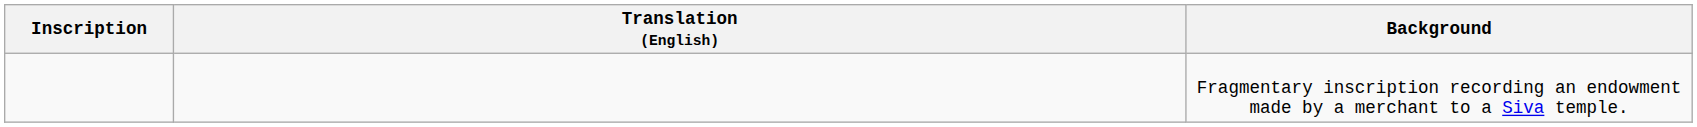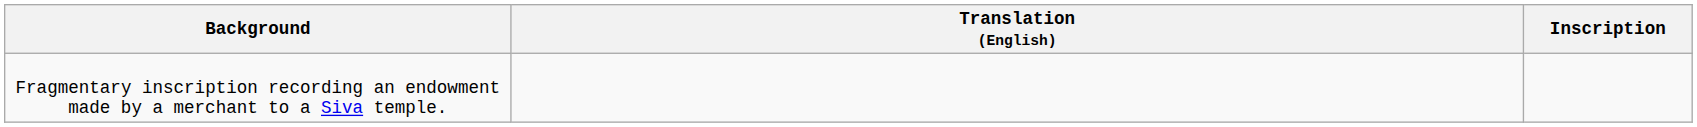 <table class="wikitable centre">
 <tr>
+<th scope="col" align=left>Background<br></th>
+<th>Translation<br><small>(English)</small></th>
 <th>Inscription<br></th>
-<th>Translation<br><small>(English)</small></th>
-<th scope="col" align=left>Background<br></th>
 </tr>
 <tr>
+<td align=center width="30%"><br>Fragmentary inscription recording an endowment made by a merchant to a <a href='#'>Siva</a> temple.</td>
+<td align=left><br></td>
 <td align=center width="10%"><br></td>
-<td align=left><br></td>
-<td align=center width="30%"><br>Fragmentary inscription recording an endowment made by a merchant to a <a href='#'>Siva</a> temple.</td>
 </tr>
 </table>
